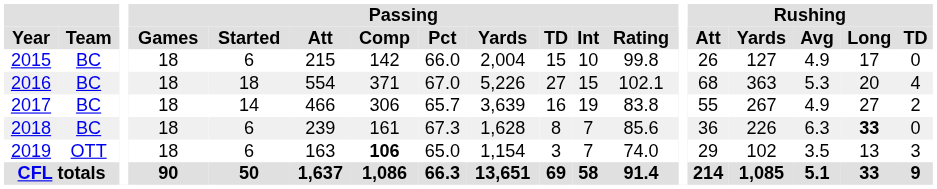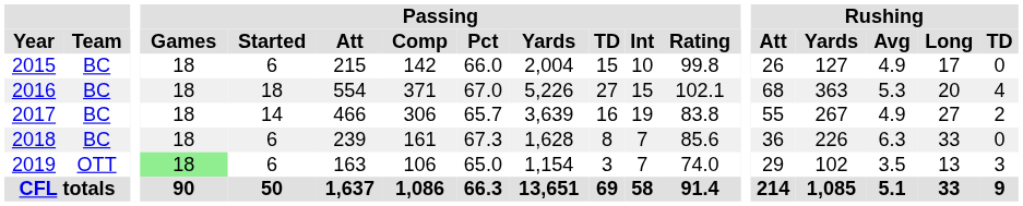 <table border="0" cellpadding="1" cellspacing="0" width="65%" style="text-align:center">
 <tr bgcolor="#e0e0e0">
 <th colspan="2"></th>
 <th rowspan="99" bgcolor="#ffffff"> </th>
 <th colspan="9">Passing</th>
 <th rowspan="99" bgcolor="#ffffff"> </th>
 <th colspan="6">Rushing</th>
 </tr>
 <tr bgcolor="#e0e0e0">
 <th>Year</th>
 <th>Team</th>
 <th>Games</th>
 <th>Started</th>
 <th>Att</th>
 <th>Comp</th>
 <th>Pct</th>
 <th>Yards</th>
 <th>TD</th>
 <th>Int</th>
 <th>Rating</th>
 <th>Att</th>
 <th>Yards</th>
 <th>Avg</th>
 <th>Long</th>
 <th>TD</th>
 </tr>
 <tr align="center">
 <td><a href='#'>2015</a></td>
 <td><a href='#'>BC</a></td>
 <td>18</td>
 <td>6</td>
 <td>215</td>
 <td>142</td>
 <td>66.0</td>
 <td>2,004</td>
 <td>15</td>
 <td>10</td>
 <td>99.8</td>
 <td>26</td>
 <td>127</td>
 <td>4.9</td>
 <td>17</td>
 <td>0</td>
 </tr>
 <tr align="center" bgcolor="#f0f0f0">
 <td><a href='#'>2016</a></td>
 <td><a href='#'>BC</a></td>
 <td>18</td>
 <td>18</td>
 <td>554</td>
 <td>371</td>
 <td>67.0</td>
 <td>5,226</td>
 <td>27</td>
 <td>15</td>
 <td>102.1</td>
 <td>68</td>
 <td>363</td>
 <td>5.3</td>
 <td>20</td>
 <td>4</td>
 </tr>
 <tr align="center">
 <td><a href='#'>2017</a></td>
 <td><a href='#'>BC</a></td>
 <td>18</td>
 <td>14</td>
 <td>466</td>
 <td>306</td>
 <td>65.7</td>
 <td>3,639</td>
 <td>16</td>
 <td>19</td>
 <td>83.8</td>
 <td>55</td>
 <td>267</td>
 <td>4.9</td>
 <td>27</td>
 <td>2</td>
 </tr>
 <tr align="center" bgcolor="#f0f0f0">
 <td><a href='#'>2018</a></td>
 <td><a href='#'>BC</a></td>
 <td>18</td>
 <td>6</td>
 <td>239</td>
 <td>161</td>
 <td>67.3</td>
 <td>1,628</td>
 <td>8</td>
 <td>7</td>
 <td>85.6</td>
 <td>36</td>
 <td>226</td>
 <td>6.3</td>
-<td><strong>33</strong></td>
+<td>33</td>
 <td>0</td>
 </tr>
 <tr align="center">
 <td><a href='#'>2019</a></td>
 <td><a href='#'>OTT</a></td>
-<td>18</td>
+<td style="background: lightgreen;">18</td>
 <td>6</td>
 <td>163</td>
-<td><strong>106</strong></td>
+<td>106</td>
 <td>65.0</td>
 <td>1,154</td>
 <td>3</td>
 <td>7</td>
 <td>74.0</td>
 <td>29</td>
 <td>102</td>
 <td>3.5</td>
 <td>13</td>
 <td>3</td>
 </tr>
 <tr bgcolor="#e0e0e0">
 <th colspan="2"><a href='#'>CFL</a> totals</th>
 <th>90</th>
 <th>50</th>
 <th>1,637</th>
 <th>1,086</th>
 <th>66.3</th>
 <th>13,651</th>
 <th>69</th>
 <th>58</th>
 <th>91.4</th>
 <th>214</th>
 <th>1,085</th>
 <th>5.1</th>
 <th>33</th>
 <th>9</th>
 </tr>
 </table>
